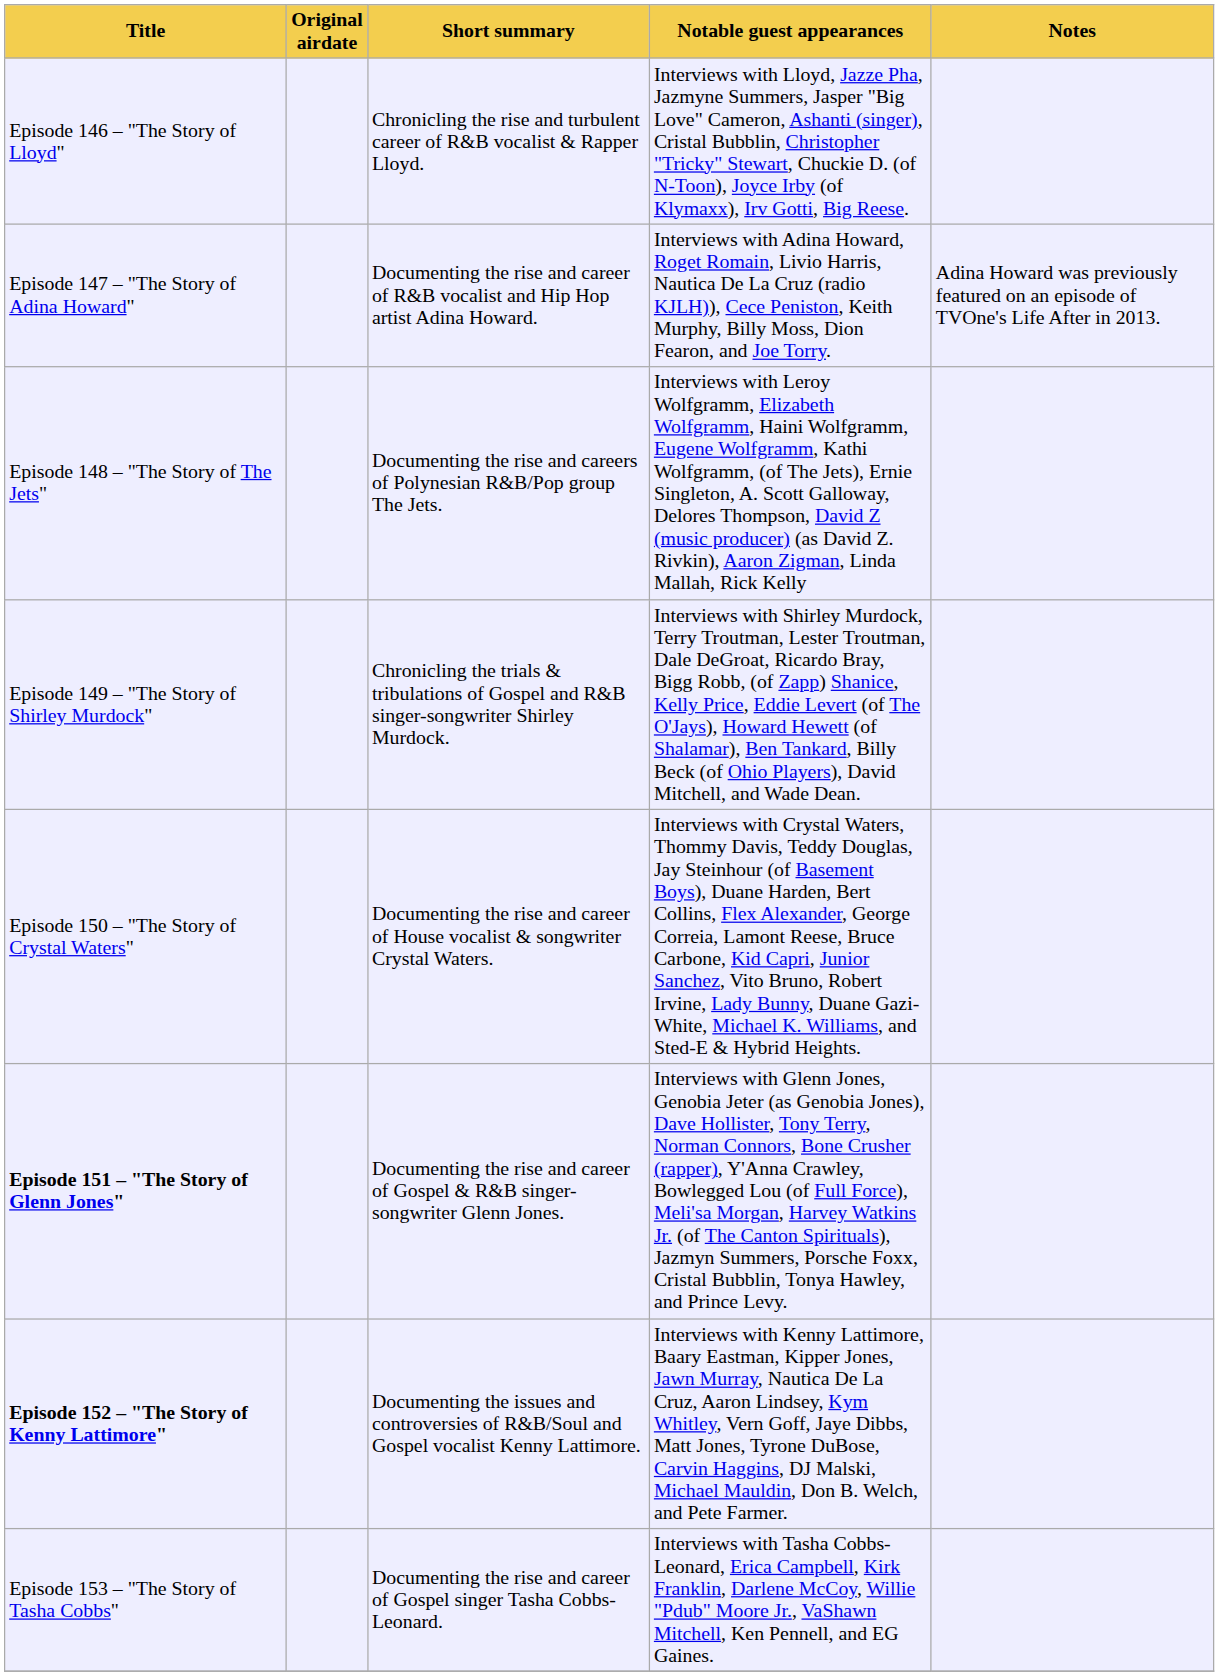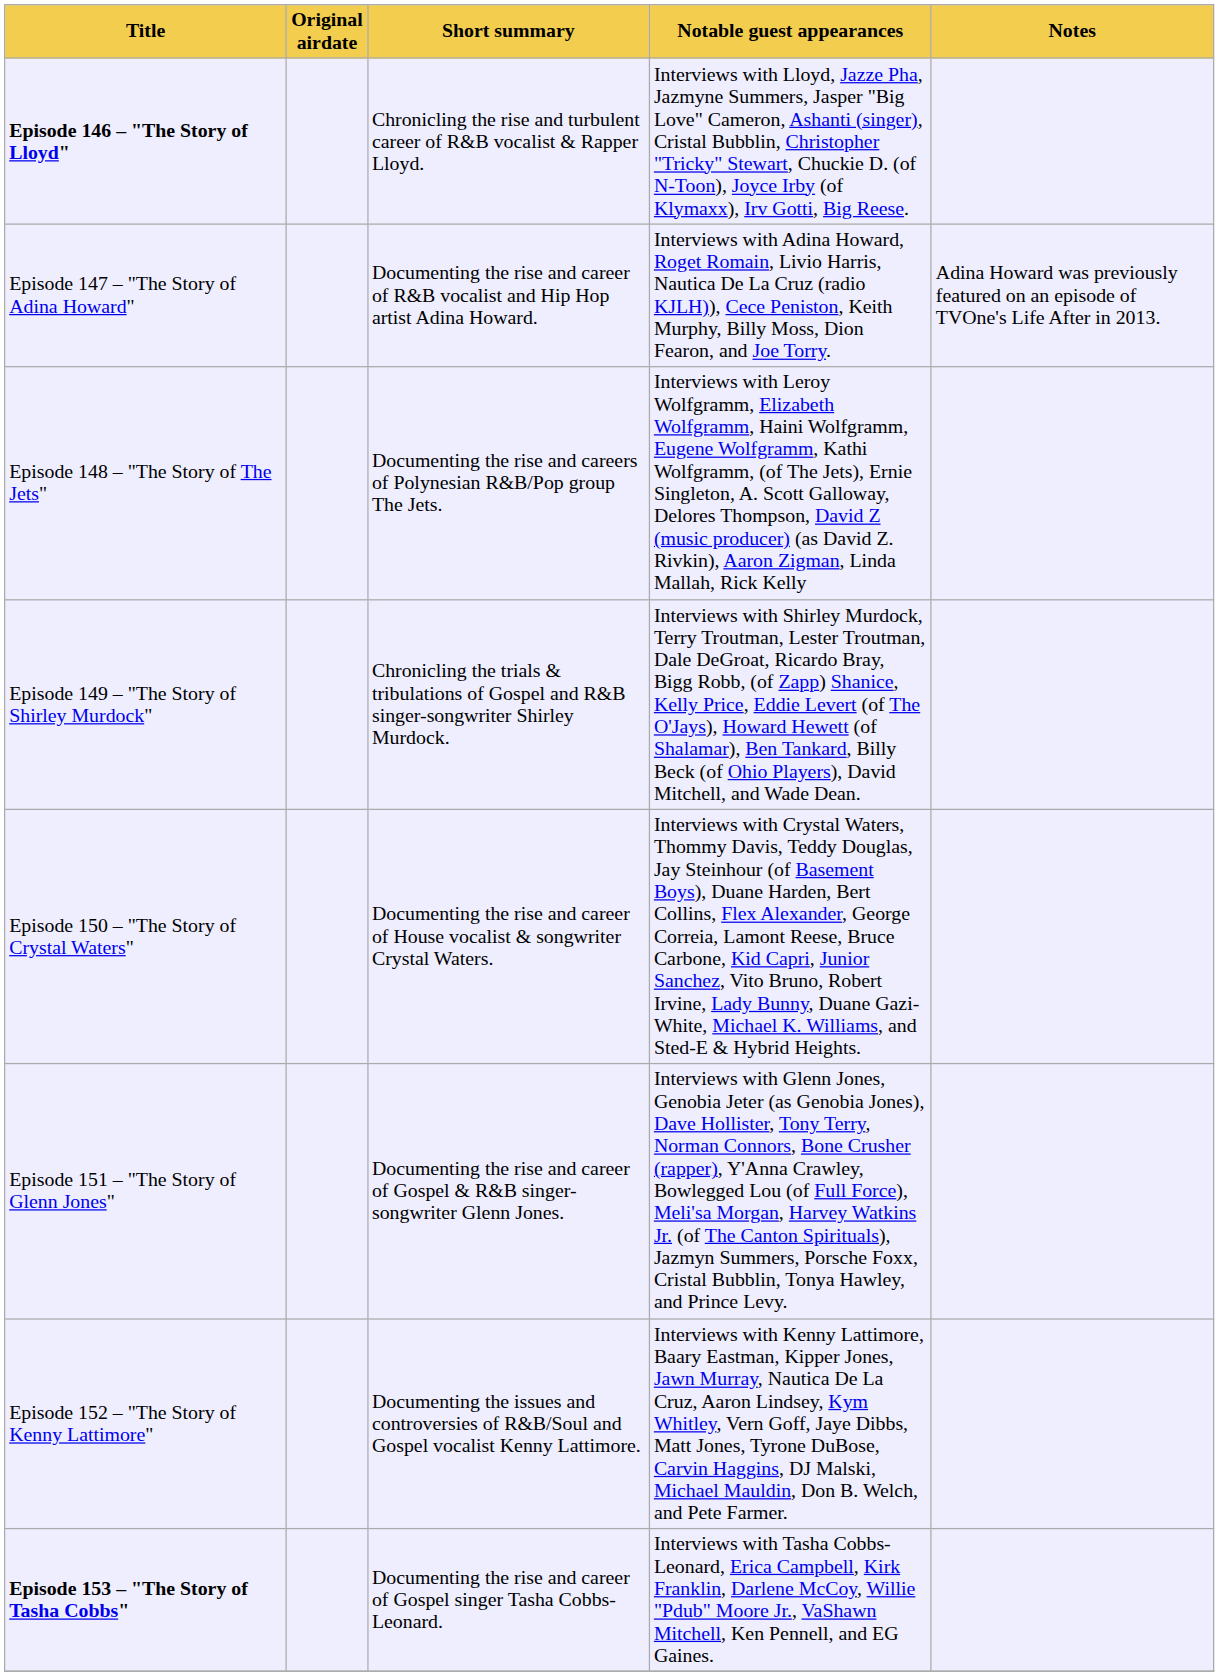 <table class="wikitable" style="background:#EEEEFF">
 <tr>
 <th scope="col" style="background-color: #F3CE4E" width="220">Title</th>
 <th scope="col" style="background-color: #F3CE4E" width="40pt">Original airdate</th>
 <th scope="col" style="background-color: #F3CE4E" width="220">Short summary</th>
 <th scope="col" style="background-color: #F3CE4E" width="220">Notable guest appearances</th>
 <th scope="col" style="background-color: #F3CE4E" width="220">Notes</th>
 </tr>
 <tr>
-<td>Episode 146 – "The Story of <a href='#'>Lloyd</a>"</td>
+<td><strong>Episode 146 – "The Story of <a href='#'>Lloyd</a>"</strong></td>
 <td></td>
 <td>Chronicling the rise and turbulent career of R&B vocalist & Rapper Lloyd.</td>
 <td>Interviews with Lloyd, <a href='#'>Jazze Pha</a>, Jazmyne Summers, Jasper "Big Love" Cameron, <a href='#'>Ashanti (singer)</a>, Cristal Bubblin, <a href='#'>Christopher "Tricky" Stewart</a>, Chuckie D. (of <a href='#'>N-Toon</a>), <a href='#'>Joyce Irby</a> (of <a href='#'>Klymaxx</a>), <a href='#'>Irv Gotti</a>, <a href='#'>Big Reese</a>.</td>
 </tr>
 <tr>
 <td>Episode 147 – "The Story of <a href='#'>Adina Howard</a>"</td>
 <td></td>
 <td>Documenting the rise and career of R&B vocalist and Hip Hop artist Adina Howard.</td>
 <td>Interviews with Adina Howard, <a href='#'>Roget Romain</a>, Livio Harris, Nautica De La Cruz (radio <a href='#'>KJLH)</a>), <a href='#'>Cece Peniston</a>, Keith Murphy, Billy Moss, Dion Fearon, and <a href='#'>Joe Torry</a>.</td>
 <td>Adina Howard was previously featured on an episode of TVOne's Life After in 2013.</td>
 </tr>
 <tr>
 <td>Episode 148 – "The Story of <a href='#'>The Jets</a>"</td>
 <td></td>
 <td>Documenting the rise and careers of Polynesian R&B/Pop group The Jets.</td>
 <td>Interviews with Leroy Wolfgramm, <a href='#'>Elizabeth Wolfgramm</a>, Haini Wolfgramm, <a href='#'>Eugene Wolfgramm</a>, Kathi Wolfgramm, (of The Jets), Ernie Singleton, A. Scott Galloway, Delores Thompson, <a href='#'>David Z (music producer)</a> (as David Z. Rivkin), <a href='#'>Aaron Zigman</a>, Linda Mallah, Rick Kelly</td>
 </tr>
 <tr>
 <td>Episode 149 – "The Story of <a href='#'>Shirley Murdock</a>"</td>
 <td></td>
 <td>Chronicling the trials & tribulations of Gospel and R&B singer-songwriter Shirley Murdock.</td>
 <td>Interviews with Shirley Murdock, Terry Troutman, Lester Troutman, Dale DeGroat, Ricardo Bray, Bigg Robb, (of <a href='#'>Zapp</a>) <a href='#'>Shanice</a>, <a href='#'>Kelly Price</a>, <a href='#'>Eddie Levert</a> (of <a href='#'>The O'Jays</a>), <a href='#'>Howard Hewett</a> (of <a href='#'>Shalamar</a>), <a href='#'>Ben Tankard</a>, Billy Beck (of <a href='#'>Ohio Players</a>), David Mitchell, and Wade Dean.</td>
 <td></td>
 </tr>
 <tr>
 <td>Episode 150 – "The Story of <a href='#'>Crystal Waters</a>"</td>
 <td></td>
 <td>Documenting the rise and career of House vocalist & songwriter Crystal Waters.</td>
 <td>Interviews with Crystal Waters, Thommy Davis, Teddy Douglas, Jay Steinhour (of <a href='#'>Basement Boys</a>), Duane Harden, Bert Collins, <a href='#'>Flex Alexander</a>, George Correia, Lamont Reese, Bruce Carbone, <a href='#'>Kid Capri</a>, <a href='#'>Junior Sanchez</a>, Vito Bruno, Robert Irvine, <a href='#'>Lady Bunny</a>, Duane Gazi-White, <a href='#'>Michael K. Williams</a>, and Sted-E & Hybrid Heights.</td>
 <td></td>
 </tr>
 <tr>
-<td><strong>Episode 151 – "The Story of <a href='#'>Glenn Jones</a>"</strong></td>
+<td>Episode 151 – "The Story of <a href='#'>Glenn Jones</a>"</td>
 <td></td>
 <td>Documenting the rise and career of Gospel & R&B singer-songwriter Glenn Jones.</td>
 <td>Interviews with Glenn Jones, Genobia Jeter (as Genobia Jones), <a href='#'>Dave Hollister</a>, <a href='#'>Tony Terry</a>, <a href='#'>Norman Connors</a>, <a href='#'>Bone Crusher (rapper)</a>, Y'Anna Crawley, Bowlegged Lou (of <a href='#'>Full Force</a>), <a href='#'>Meli'sa Morgan</a>, <a href='#'>Harvey Watkins Jr.</a> (of <a href='#'>The Canton Spirituals</a>), Jazmyn Summers, Porsche Foxx, Cristal Bubblin, Tonya Hawley, and Prince Levy.</td>
 <td></td>
 </tr>
 <tr>
-<td><strong>Episode 152 – "The Story of <a href='#'>Kenny Lattimore</a>"</strong></td>
+<td>Episode 152 – "The Story of <a href='#'>Kenny Lattimore</a>"</td>
 <td></td>
 <td>Documenting the issues and controversies of R&B/Soul and Gospel vocalist Kenny Lattimore.</td>
 <td>Interviews with Kenny Lattimore, Baary Eastman, Kipper Jones, <a href='#'>Jawn Murray</a>, Nautica De La Cruz, Aaron Lindsey, <a href='#'>Kym Whitley</a>, Vern Goff, Jaye Dibbs, Matt Jones, Tyrone DuBose, <a href='#'>Carvin Haggins</a>, DJ Malski, <a href='#'>Michael Mauldin</a>, Don B. Welch, and Pete Farmer.</td>
 <td></td>
 </tr>
 <tr>
-<td>Episode 153 – "The Story of <a href='#'>Tasha Cobbs</a>"</td>
+<td><strong>Episode 153 – "The Story of <a href='#'>Tasha Cobbs</a>"</strong></td>
 <td></td>
 <td>Documenting the rise and career of Gospel singer Tasha Cobbs-Leonard.</td>
 <td>Interviews with Tasha Cobbs-Leonard, <a href='#'>Erica Campbell</a>, <a href='#'>Kirk Franklin</a>, <a href='#'>Darlene McCoy</a>, <a href='#'>Willie "Pdub" Moore Jr.</a>, <a href='#'>VaShawn Mitchell</a>, Ken Pennell, and EG Gaines.</td>
 <td></td>
 </tr>
 <tr>
 </tr>
 </table>
